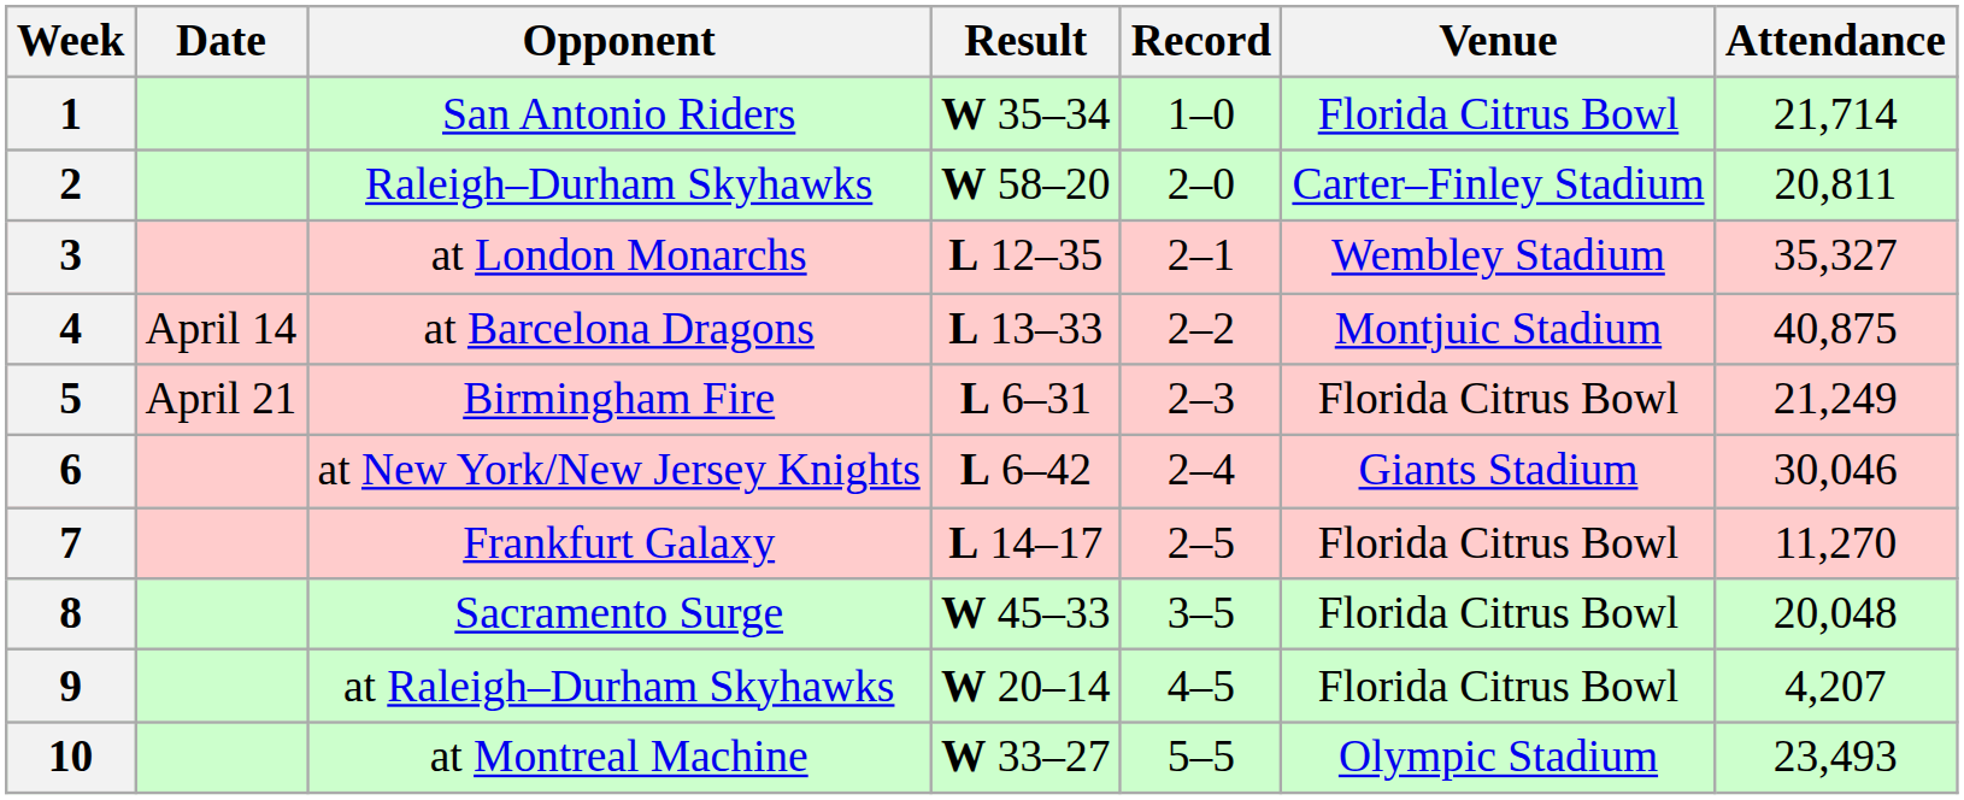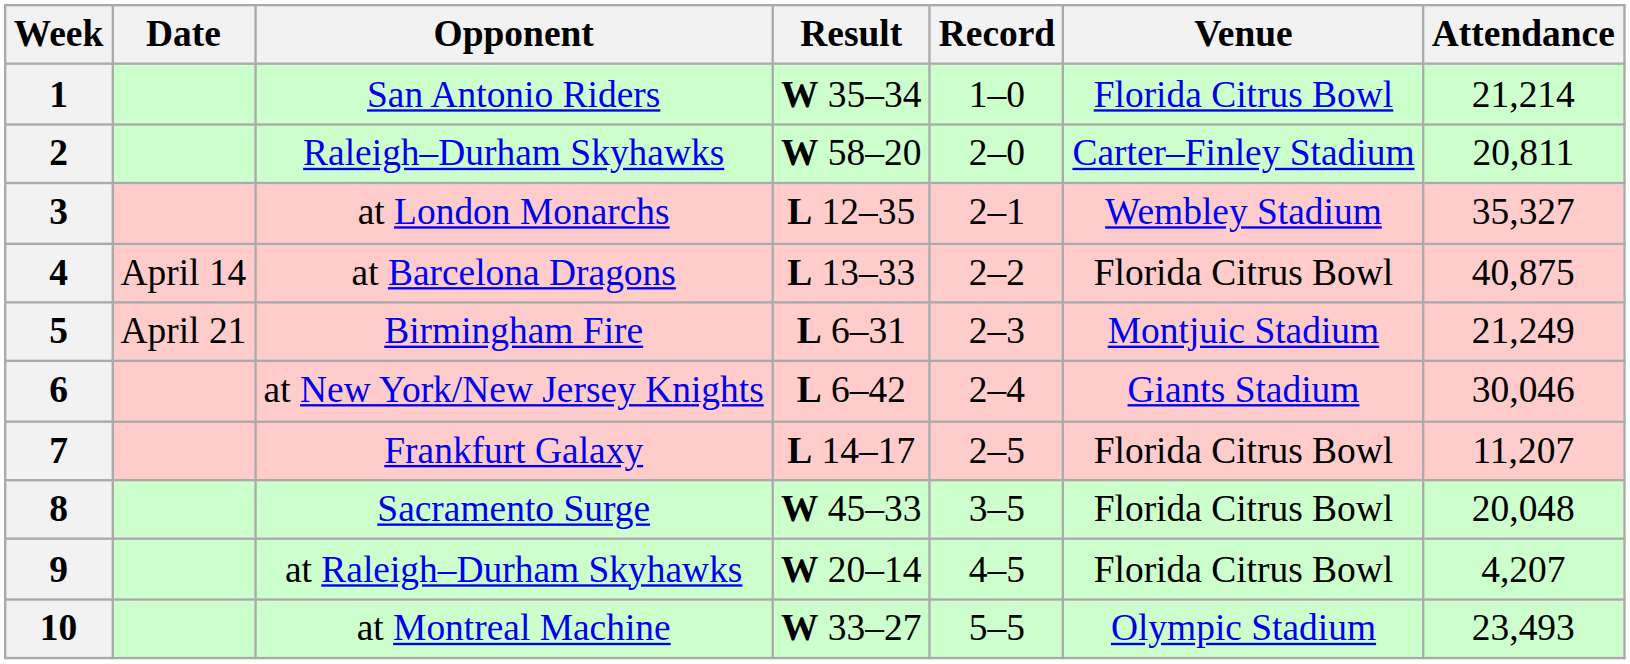 <table class="wikitable" style="text-align:center">
 <tr>
 <th>Week</th>
 <th>Date</th>
 <th>Opponent</th>
 <th>Result</th>
 <th>Record</th>
 <th>Venue</th>
 <th>Attendance</th>
 </tr>
 <tr style="background:#cfc">
 <th>1</th>
 <td></td>
 <td><a href='#'>San Antonio Riders</a></td>
 <td><strong>W</strong> 35–34</td>
 <td>1–0</td>
 <td><a href='#'>Florida Citrus Bowl</a></td>
-<td>21,714</td>
+<td>21,214</td>
 </tr>
 <tr style="background:#cfc">
 <th>2</th>
 <td></td>
 <td><a href='#'>Raleigh–Durham Skyhawks</a></td>
 <td><strong>W</strong> 58–20</td>
 <td>2–0</td>
 <td><a href='#'>Carter–Finley Stadium</a></td>
 <td>20,811</td>
 </tr>
 <tr style="background:#fcc">
 <th>3</th>
 <td></td>
 <td>at <a href='#'>London Monarchs</a></td>
 <td><strong>L</strong> 12–35</td>
 <td>2–1</td>
 <td><a href='#'>Wembley Stadium</a></td>
 <td>35,327</td>
 </tr>
 <tr style="background:#fcc">
 <th>4</th>
 <td>April 14</td>
 <td>at <a href='#'>Barcelona Dragons</a></td>
 <td><strong>L</strong> 13–33</td>
 <td>2–2</td>
-<td><a href='#'>Montjuic Stadium</a></td>
+<td>Florida Citrus Bowl</td>
 <td>40,875</td>
 </tr>
 <tr style="background:#fcc">
 <th>5</th>
 <td>April 21</td>
 <td><a href='#'>Birmingham Fire</a></td>
 <td><strong>L</strong> 6–31</td>
 <td>2–3</td>
-<td>Florida Citrus Bowl</td>
+<td><a href='#'>Montjuic Stadium</a></td>
 <td>21,249</td>
 </tr>
 <tr style="background:#fcc">
 <th>6</th>
 <td></td>
 <td>at <a href='#'>New York/New Jersey Knights</a></td>
 <td><strong>L</strong> 6–42</td>
 <td>2–4</td>
 <td><a href='#'>Giants Stadium</a></td>
 <td>30,046</td>
 </tr>
 <tr style="background:#fcc">
 <th>7</th>
 <td></td>
 <td><a href='#'>Frankfurt Galaxy</a></td>
 <td><strong>L</strong> 14–17</td>
 <td>2–5</td>
 <td>Florida Citrus Bowl</td>
-<td>11,270</td>
+<td>11,207</td>
 </tr>
 <tr style="background:#cfc">
 <th>8</th>
 <td></td>
 <td><a href='#'>Sacramento Surge</a></td>
 <td><strong>W</strong> 45–33</td>
 <td>3–5</td>
 <td>Florida Citrus Bowl</td>
 <td>20,048</td>
 </tr>
 <tr style="background:#cfc">
 <th>9</th>
 <td></td>
 <td>at <a href='#'>Raleigh–Durham Skyhawks</a></td>
 <td><strong>W</strong> 20–14</td>
 <td>4–5</td>
 <td>Florida Citrus Bowl</td>
 <td>4,207</td>
 </tr>
 <tr style="background:#cfc">
 <th>10</th>
 <td></td>
 <td>at <a href='#'>Montreal Machine</a></td>
 <td><strong>W</strong> 33–27 </td>
 <td>5–5</td>
 <td><a href='#'>Olympic Stadium</a></td>
 <td>23,493</td>
 </tr>
 </table>
